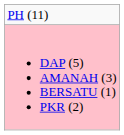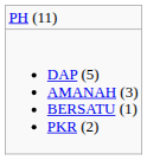 <table class="wikitable">
 <tr>
 <td> <a href='#'>PH</a> (11)</td>
 </tr>
 <tr>
-<td style="background: pink;"><br><ul><li> <a href='#'>DAP</a> (5)</li><li> <a href='#'>AMANAH</a> (3)</li><li> <a href='#'>BERSATU</a> (1)</li><li> <a href='#'>PKR</a> (2)</li></ul></td>
+<td><br><ul><li> <a href='#'>DAP</a> (5)</li><li> <a href='#'>AMANAH</a> (3)</li><li> <a href='#'>BERSATU</a> (1)</li><li> <a href='#'>PKR</a> (2)</li></ul></td>
 </tr>
 </table>
